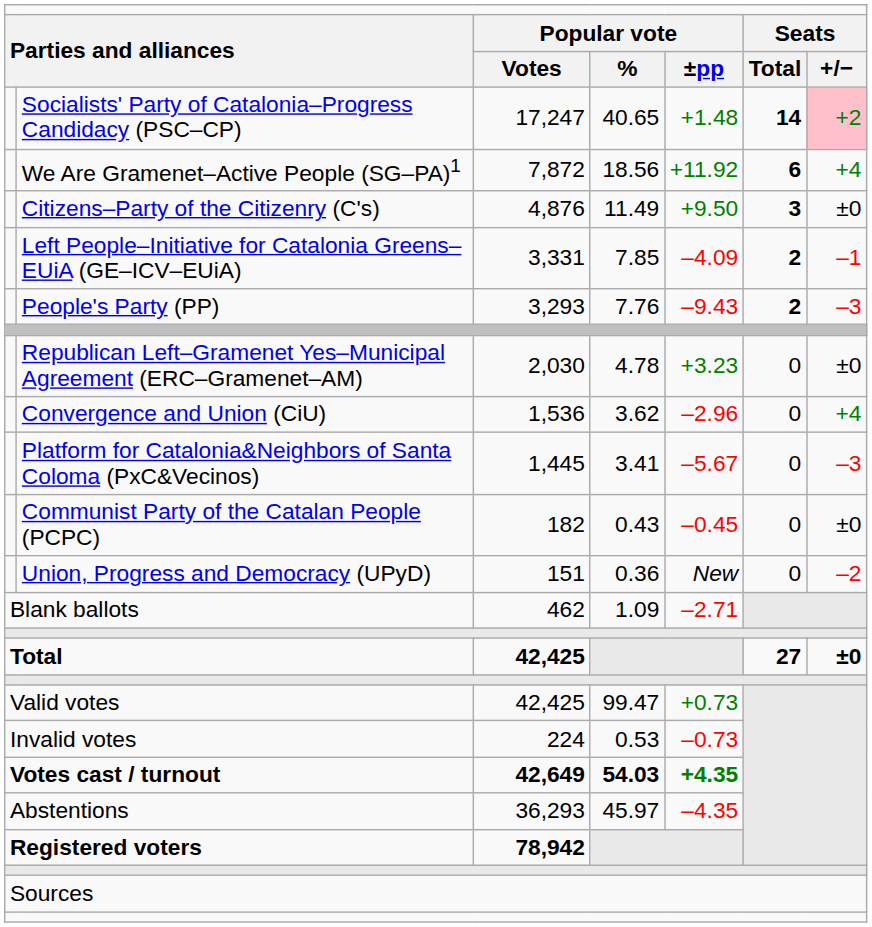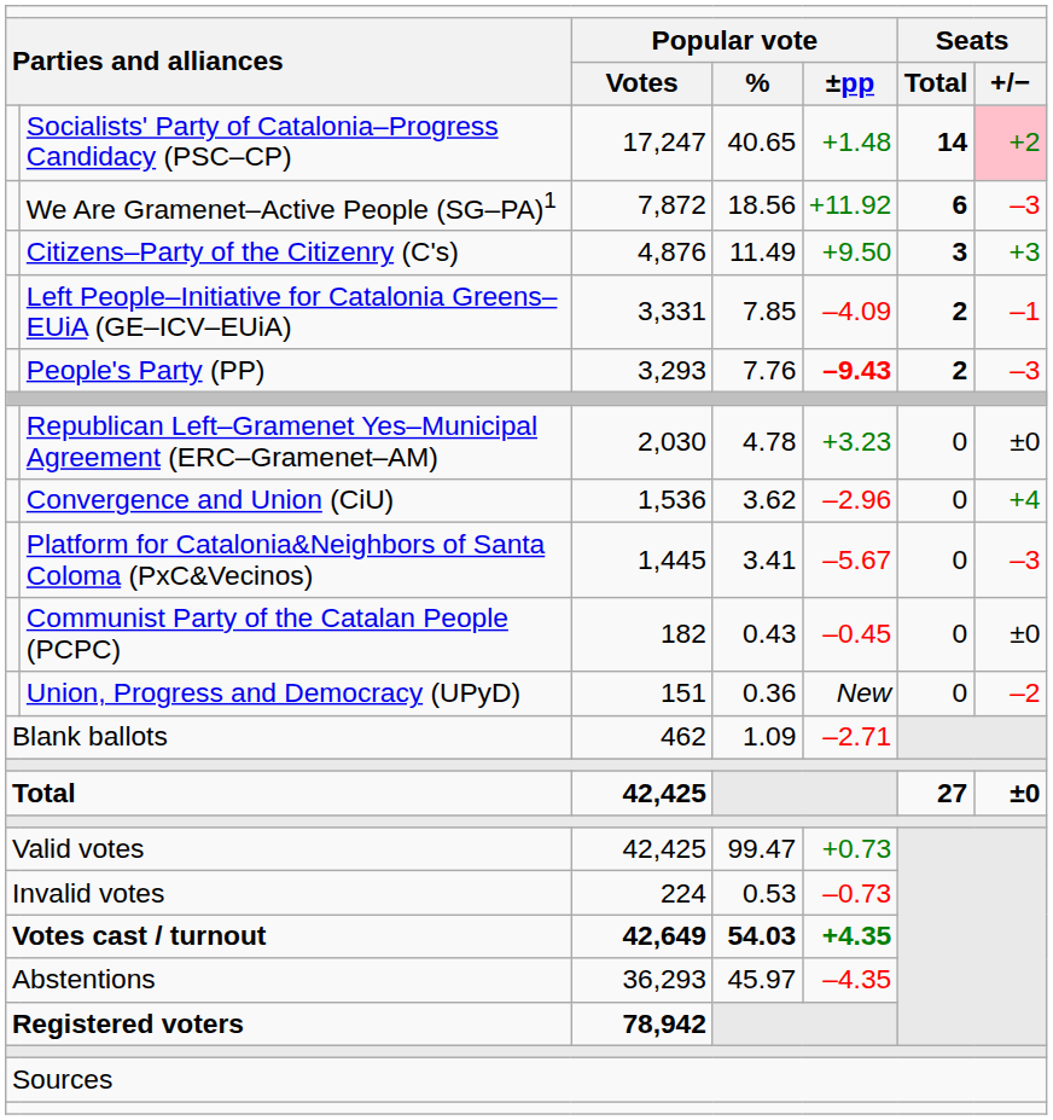 <table class="wikitable" style="text-align:right;">
 <tr>
 <td colspan="7"></td>
 </tr>
 <tr>
 <th style="text-align:left;" rowspan="2" colspan="2" width="525">Parties and alliances</th>
 <th colspan="3">Popular vote</th>
 <th colspan="2">Seats</th>
 </tr>
 <tr>
 <th width="75">Votes</th>
 <th width="45">%</th>
 <th width="45">±<a href='#'>pp</a></th>
 <th width="35">Total</th>
 <th width="35">+/−</th>
 </tr>
 <tr>
 <td width="1" style="color:inherit;background:"></td>
 <td align="left"><a href='#'>Socialists' Party of Catalonia–Progress Candidacy</a> (PSC–CP)</td>
 <td>17,247</td>
 <td>40.65</td>
 <td style="color:green;">+1.48</td>
 <td><strong>14</strong></td>
 <td style="background: pink; color:green;">+2</td>
 </tr>
 <tr>
 <td style="color:inherit;background:"></td>
 <td align="left">We Are Gramenet–Active People (SG–PA)<sup>1</sup></td>
 <td>7,872</td>
 <td>18.56</td>
 <td style="color:green;">+11.92</td>
 <td><strong>6</strong></td>
-<td style="color:green;">+4</td>
+<td style="color:red;">–3</td>
 </tr>
 <tr>
 <td style="color:inherit;background:"></td>
 <td align="left"><a href='#'>Citizens–Party of the Citizenry</a> (C's)</td>
 <td>4,876</td>
 <td>11.49</td>
 <td style="color:green;">+9.50</td>
 <td><strong>3</strong></td>
-<td>±0</td>
+<td style="color:green;">+3</td>
 </tr>
 <tr>
 <td style="color:inherit;background:"></td>
 <td align="left"><a href='#'>Left People–Initiative for Catalonia Greens–EUiA</a> (GE–ICV–EUiA)</td>
 <td>3,331</td>
 <td>7.85</td>
 <td style="color:red;">–4.09</td>
 <td><strong>2</strong></td>
 <td style="color:red;">–1</td>
 </tr>
 <tr>
 <td style="color:inherit;background:"></td>
 <td align="left"><a href='#'>People's Party</a> (PP)</td>
 <td>3,293</td>
 <td>7.76</td>
-<td style="color:red;">–9.43</td>
+<td style="color:red;"><strong>–9.43</strong></td>
 <td><strong>2</strong></td>
 <td style="color:red;">–3</td>
 </tr>
 <tr>
 <td colspan="7" style="color:inherit;background:#C0C0C0"></td>
 </tr>
 <tr>
 <td style="color:inherit;background:"></td>
 <td align="left"><a href='#'>Republican Left–Gramenet Yes–Municipal Agreement</a> (ERC–Gramenet–AM)</td>
 <td>2,030</td>
 <td>4.78</td>
 <td style="color:green;">+3.23</td>
 <td>0</td>
 <td>±0</td>
 </tr>
 <tr>
 <td style="color:inherit;background:"></td>
 <td align="left"><a href='#'>Convergence and Union</a> (CiU)</td>
 <td>1,536</td>
 <td>3.62</td>
 <td style="color:red;">–2.96</td>
 <td>0</td>
 <td style="color:green;">+4</td>
 </tr>
 <tr>
 <td style="color:inherit;background:"></td>
 <td align="left"><a href='#'>Platform for Catalonia&Neighbors of Santa Coloma</a> (PxC&Vecinos)</td>
 <td>1,445</td>
 <td>3.41</td>
 <td style="color:red;">–5.67</td>
 <td>0</td>
 <td style="color:red;">–3</td>
 </tr>
 <tr>
 <td style="color:inherit;background:"></td>
 <td align="left"><a href='#'>Communist Party of the Catalan People</a> (PCPC)</td>
 <td>182</td>
 <td>0.43</td>
 <td style="color:red;">–0.45</td>
 <td>0</td>
 <td>±0</td>
 </tr>
 <tr>
 <td style="color:inherit;background:"></td>
 <td align="left"><a href='#'>Union, Progress and Democracy</a> (UPyD)</td>
 <td>151</td>
 <td>0.36</td>
 <td><em>New</em></td>
 <td>0</td>
 <td style="color:red;">–2</td>
 </tr>
 <tr>
 <td align="left" colspan="2">Blank ballots</td>
 <td>462</td>
 <td>1.09</td>
 <td style="color:red;">–2.71</td>
 <td style="color:inherit;background:#E9E9E9" colspan="2"></td>
 </tr>
 <tr>
 <td colspan="7" style="color:inherit;background:#E9E9E9"></td>
 </tr>
 <tr style="font-weight:bold;">
 <td align="left" colspan="2">Total</td>
 <td>42,425</td>
 <td bgcolor="#E9E9E9" colspan="2"></td>
 <td>27</td>
 <td>±0</td>
 </tr>
 <tr>
 <td colspan="7" style="color:inherit;background:#E9E9E9"></td>
 </tr>
 <tr>
 <td align="left" colspan="2">Valid votes</td>
 <td>42,425</td>
 <td>99.47</td>
 <td style="color:green;">+0.73</td>
 <td bgcolor="#E9E9E9" colspan="2" rowspan="5"></td>
 </tr>
 <tr>
 <td align="left" colspan="2">Invalid votes</td>
 <td>224</td>
 <td>0.53</td>
 <td style="color:red;">–0.73</td>
 </tr>
 <tr style="font-weight:bold;">
 <td align="left" colspan="2">Votes cast / turnout</td>
 <td>42,649</td>
 <td>54.03</td>
 <td style="color:green;">+4.35</td>
 </tr>
 <tr>
 <td align="left" colspan="2">Abstentions</td>
 <td>36,293</td>
 <td>45.97</td>
 <td style="color:red;">–4.35</td>
 </tr>
 <tr style="font-weight:bold;">
 <td align="left" colspan="2">Registered voters</td>
 <td>78,942</td>
 <td bgcolor="#E9E9E9" colspan="2"></td>
 </tr>
 <tr>
 <td colspan="7" style="color:inherit;background:#E9E9E9"></td>
 </tr>
 <tr>
 <td align="left" colspan="7">Sources</td>
 </tr>
 <tr>
 <td colspan="7" style="text-align:left; max-width:790px;"></td>
 </tr>
 </table>
